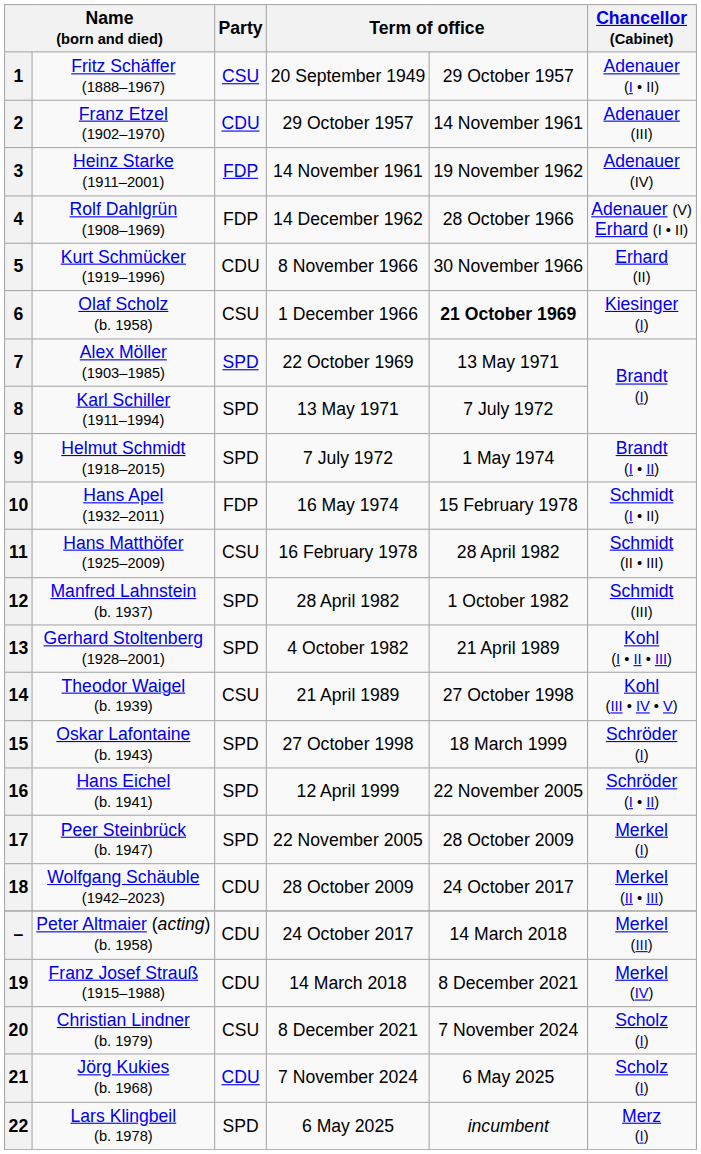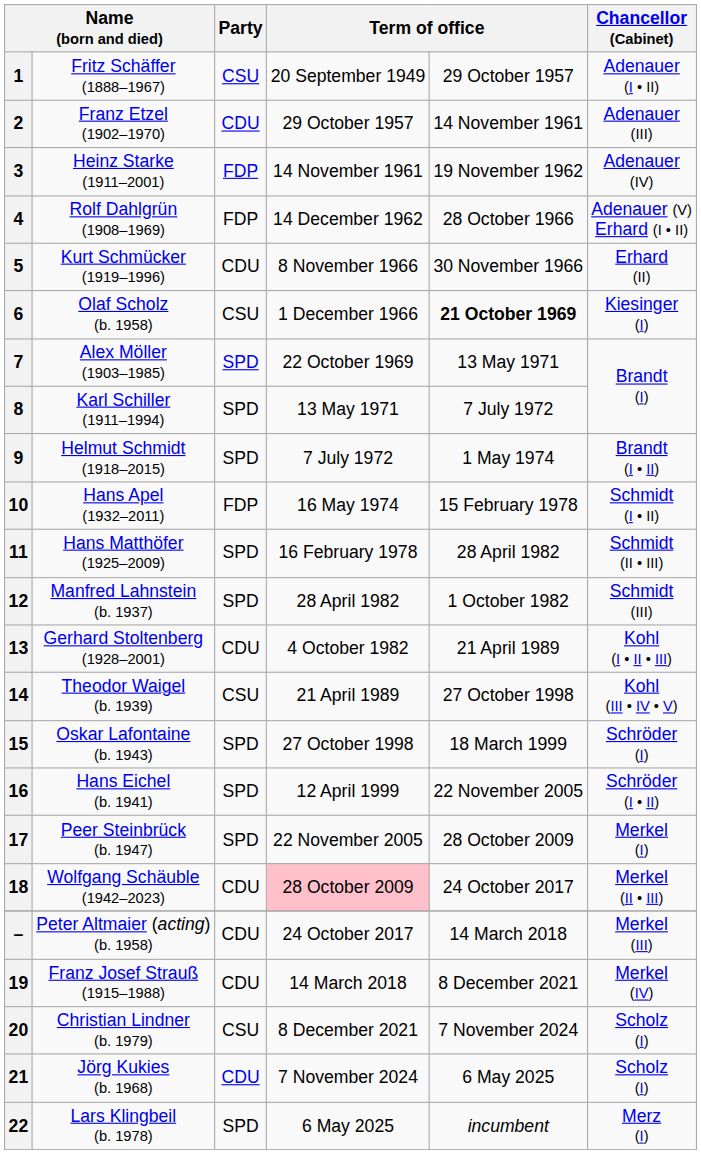 <table class="wikitable" style="text-align:center;">
 <tr>
 <th colspan=2>Name<br><small>(born and died)</small></th>
 <th>Party</th>
 <th colspan=2>Term of office</th>
 <th><a href='#'>Chancellor</a><br><small>(Cabinet)</small></th>
 </tr>
 <tr>
 <th style="background:">1</th>
 <td><a href='#'>Fritz Schäffer</a><br><small>(1888–1967)</small></td>
 <td><a href='#'>CSU</a></td>
 <td>20 September 1949</td>
 <td>29 October 1957</td>
 <td><a href='#'>Adenauer</a><br><small>(<a href='#'>I</a> • II)</small></td>
 </tr>
 <tr>
 <th style="background:">2</th>
 <td><a href='#'>Franz Etzel</a><br><small>(1902–1970)</small></td>
 <td><a href='#'>CDU</a></td>
 <td>29 October 1957</td>
 <td>14 November 1961</td>
 <td><a href='#'>Adenauer</a><br><small>(III)</small></td>
 </tr>
 <tr>
 <th style="background:">3</th>
 <td><a href='#'>Heinz Starke</a><br><small>(1911–2001)</small></td>
 <td><a href='#'>FDP</a></td>
 <td>14 November 1961</td>
 <td>19 November 1962</td>
 <td><a href='#'>Adenauer</a><br><small>(IV)</small></td>
 </tr>
 <tr>
 <th style="background:">4</th>
 <td><a href='#'>Rolf Dahlgrün</a><br><small>(1908–1969)</small></td>
 <td>FDP</td>
 <td>14 December 1962</td>
 <td>28 October 1966</td>
 <td><a href='#'>Adenauer</a> <small>(V)</small><br> <a href='#'>Erhard</a> <small>(I • II)</small></td>
 </tr>
 <tr>
 <th style="background:">5</th>
 <td><a href='#'>Kurt Schmücker</a><br><small>(1919–1996)</small></td>
 <td>CDU</td>
 <td>8 November 1966</td>
 <td>30 November 1966</td>
 <td><a href='#'>Erhard</a><br><small>(II)</small></td>
 </tr>
 <tr>
 <th style="background:">6</th>
 <td><a href='#'>Olaf Scholz</a><br><small>(b. 1958)</small></td>
 <td>CSU</td>
 <td>1 December 1966</td>
 <td><strong>21 October 1969</strong></td>
 <td><a href='#'>Kiesinger</a><br><small>(<a href='#'>I</a>)</small></td>
 </tr>
 <tr>
 <th style="background:">7</th>
 <td><a href='#'>Alex Möller</a><br><small>(1903–1985)</small></td>
 <td><a href='#'>SPD</a></td>
 <td>22 October 1969</td>
 <td>13 May 1971</td>
 <td rowspan=2><a href='#'>Brandt</a><br><small>(<a href='#'>I</a>)</small></td>
 </tr>
 <tr>
 <th style="background:">8</th>
 <td><a href='#'>Karl Schiller</a><br><small>(1911–1994)</small></td>
 <td>SPD</td>
 <td>13 May 1971</td>
 <td>7 July 1972</td>
 </tr>
 <tr>
 <th style="background:">9</th>
 <td><a href='#'>Helmut Schmidt</a><br><small>(1918–2015)</small></td>
 <td>SPD</td>
 <td>7 July 1972</td>
 <td>1 May 1974</td>
 <td><a href='#'>Brandt</a><br><small>(<a href='#'>I</a> • <a href='#'>II</a>)</small></td>
 </tr>
 <tr>
 <th style="background:">10</th>
 <td><a href='#'>Hans Apel</a><br><small>(1932–2011)</small></td>
 <td>FDP</td>
 <td>16 May 1974</td>
 <td>15 February 1978</td>
 <td><a href='#'>Schmidt</a><br><small>(<a href='#'>I</a> • II)</small></td>
 </tr>
 <tr>
 <th style="background:">11</th>
 <td><a href='#'>Hans Matthöfer</a><br><small>(1925–2009)</small></td>
-<td>CSU</td>
+<td>SPD</td>
 <td>16 February 1978</td>
 <td>28 April 1982</td>
 <td><a href='#'>Schmidt</a><br><small>(II • III)</small></td>
 </tr>
 <tr>
 <th style="background:">12</th>
 <td><a href='#'>Manfred Lahnstein</a><br><small>(b. 1937)</small></td>
 <td>SPD</td>
 <td>28 April 1982</td>
 <td>1 October 1982</td>
 <td><a href='#'>Schmidt</a><br><small>(III)</small></td>
 </tr>
 <tr>
 <th style="background:">13</th>
 <td><a href='#'>Gerhard Stoltenberg</a><br><small>(1928–2001)</small></td>
-<td>SPD</td>
+<td>CDU</td>
 <td>4 October 1982</td>
 <td>21 April 1989</td>
 <td><a href='#'>Kohl</a><br><small>(<a href='#'>I</a> • <a href='#'>II</a> • <a href='#'>III</a>)</small></td>
 </tr>
 <tr>
 <th style="background:">14</th>
 <td><a href='#'>Theodor Waigel</a><br><small>(b. 1939)</small></td>
 <td>CSU</td>
 <td>21 April 1989</td>
 <td>27 October 1998</td>
 <td><a href='#'>Kohl</a><br><small>(<a href='#'>III</a> • <a href='#'>IV</a> • <a href='#'>V</a>)</small></td>
 </tr>
 <tr>
 <th style="background:">15</th>
 <td><a href='#'>Oskar Lafontaine</a><br><small>(b. 1943)</small></td>
 <td>SPD</td>
 <td>27 October 1998</td>
 <td>18 March 1999</td>
 <td><a href='#'>Schröder</a><br><small>(<a href='#'>I</a>)</small></td>
 </tr>
 <tr>
 <th style="background:">16</th>
 <td><a href='#'>Hans Eichel</a><br><small>(b. 1941)</small></td>
 <td>SPD</td>
 <td>12 April 1999</td>
 <td>22 November 2005</td>
 <td><a href='#'>Schröder</a><br><small>(<a href='#'>I</a> • <a href='#'>II</a>)</small></td>
 </tr>
 <tr>
 <th style="background:">17</th>
 <td><a href='#'>Peer Steinbrück</a><br><small>(b. 1947)</small></td>
 <td>SPD</td>
 <td>22 November 2005</td>
 <td>28 October 2009</td>
 <td><a href='#'>Merkel</a><br><small>(<a href='#'>I</a>)</small></td>
 </tr>
 <tr>
 <th style="background:">18</th>
 <td><a href='#'>Wolfgang Schäuble</a><br><small>(1942–2023)</small></td>
 <td>CDU</td>
-<td>28 October 2009</td>
+<td style="background: pink;">28 October 2009</td>
 <td>24 October 2017</td>
 <td><a href='#'>Merkel</a><br><small>(<a href='#'>II</a> • <a href='#'>III</a>)</small></td>
 </tr>
 <tr>
 </tr>
 <tr>
 <th style="background:">–</th>
 <td><a href='#'>Peter Altmaier</a> (<em>acting</em>)<br><small>(b. 1958)</small></td>
 <td>CDU</td>
 <td>24 October 2017</td>
 <td>14 March 2018</td>
 <td><a href='#'>Merkel</a><br><small>(<a href='#'>III</a>)</small></td>
 </tr>
 <tr>
 <th style="background:">19</th>
 <td><a href='#'>Franz Josef Strauß</a><br><small>(1915–1988)</small></td>
 <td>CDU</td>
 <td>14 March 2018</td>
 <td>8 December 2021</td>
 <td><a href='#'>Merkel</a><br><small>(<a href='#'>IV</a>)</small></td>
 </tr>
 <tr>
 <th style="background:">20</th>
 <td><a href='#'>Christian Lindner</a><br><small>(b. 1979)</small></td>
 <td>CSU</td>
 <td>8 December 2021</td>
 <td>7 November 2024</td>
 <td><a href='#'>Scholz</a><br><small>(<a href='#'>I</a>)</small></td>
 </tr>
 <tr>
 <th style="background:">21</th>
 <td><a href='#'>Jörg Kukies</a><br><small>(b. 1968)</small></td>
 <td><a href='#'>CDU</a></td>
 <td>7 November 2024</td>
 <td>6 May 2025</td>
 <td><a href='#'>Scholz</a><br><small>(<a href='#'>I</a>)</small></td>
 </tr>
 <tr>
 <th style="background:">22</th>
 <td><a href='#'>Lars Klingbeil</a><br><small>(b. 1978)</small></td>
 <td>SPD</td>
 <td>6 May 2025</td>
 <td><em>incumbent</em></td>
 <td><a href='#'>Merz</a><br><small>(<a href='#'>I</a>)</small></td>
 </tr>
 </table>
